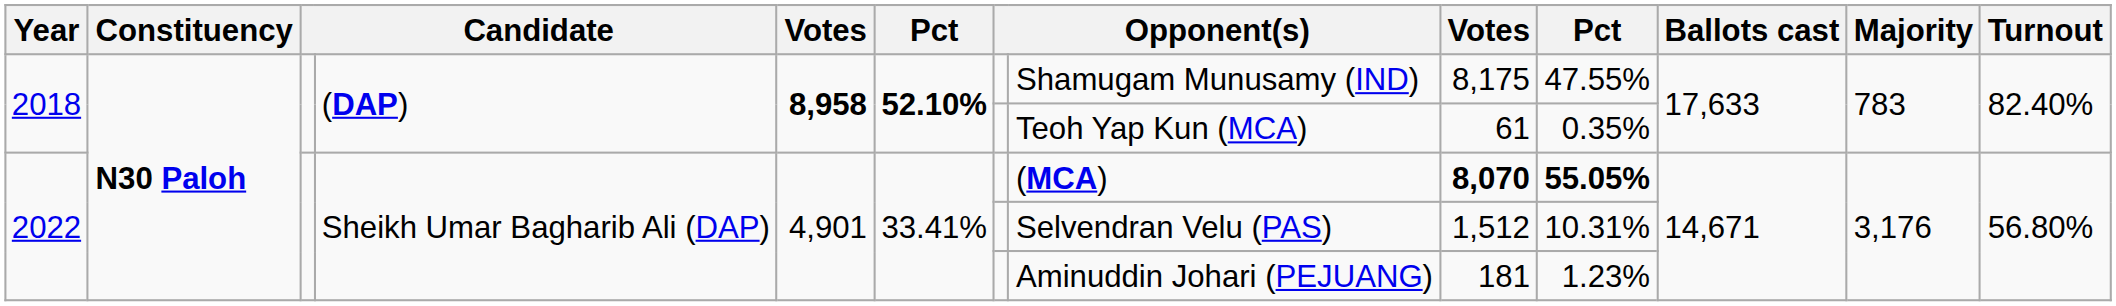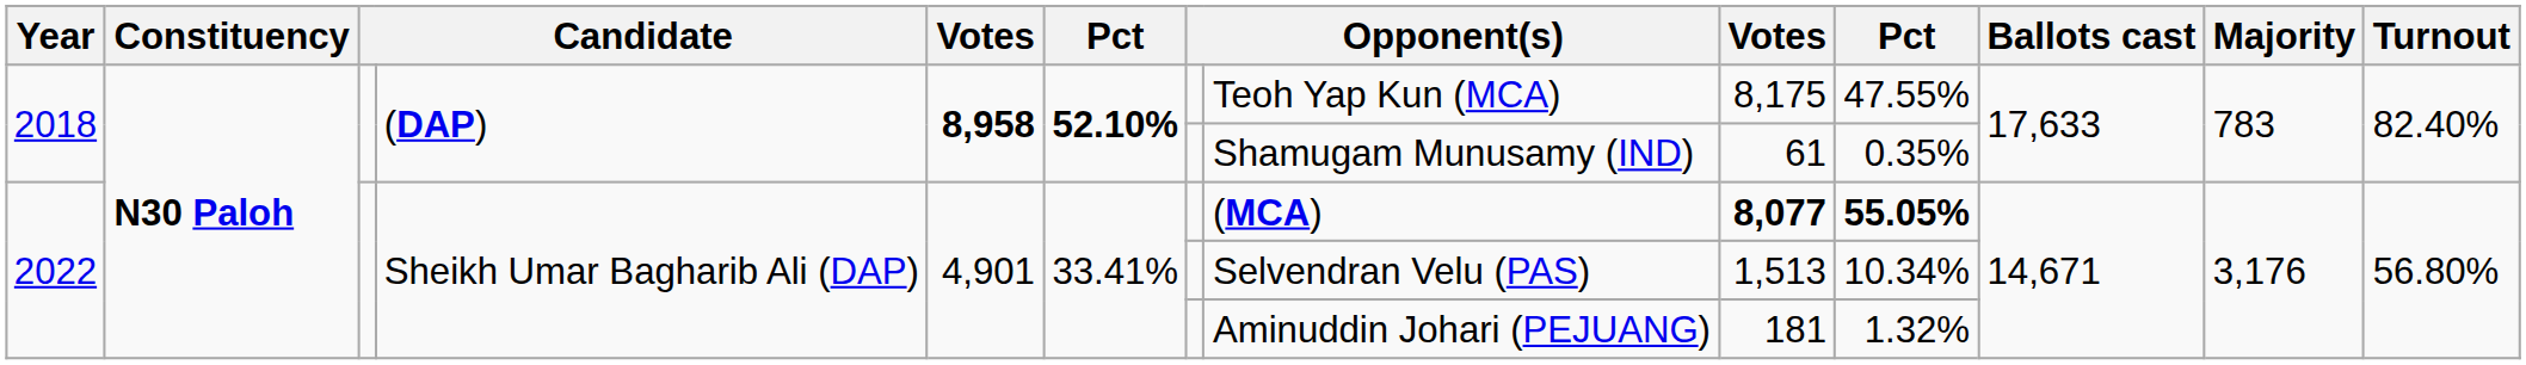 <table class="wikitable" style="margin:0.5em ; font-size:95%">
 <tr>
 <th>Year</th>
 <th>Constituency</th>
 <th colspan=2>Candidate</th>
 <th>Votes</th>
 <th>Pct</th>
 <th colspan=2>Opponent(s)</th>
 <th>Votes</th>
 <th>Pct</th>
 <th>Ballots cast</th>
 <th>Majority</th>
 <th>Turnout</th>
 </tr>
 <tr>
 <td rowspan=2><a href='#'>2018</a></td>
 <td rowspan="5"><strong>N30 <a href='#'>Paloh</a></strong></td>
 <td rowspan=2 ></td>
 <td rowspan="2"> (<a href='#'><strong>DAP</strong></a>)</td>
 <td rowspan=2 align="right"><strong>8,958</strong></td>
 <td rowspan=2><strong>52.10%</strong></td>
 <td></td>
-<td>Shamugam Munusamy (<a href='#'>IND</a>)</td>
+<td>Teoh Yap Kun (<a href='#'>MCA</a>)</td>
 <td align="right">8,175</td>
 <td>47.55%</td>
 <td rowspan=2>17,633</td>
 <td rowspan=2>783</td>
 <td rowspan=2>82.40%</td>
 </tr>
 <tr>
 <td></td>
-<td>Teoh Yap Kun (<a href='#'>MCA</a>)</td>
+<td>Shamugam Munusamy (<a href='#'>IND</a>)</td>
 <td align="right">61</td>
 <td align="right">0.35%</td>
 </tr>
 <tr>
 <td rowspan="3"><a href='#'>2022</a></td>
 <td rowspan="3" ></td>
 <td rowspan="3">Sheikh Umar Bagharib Ali (<a href='#'>DAP</a>)</td>
 <td rowspan="3" align=right>4,901</td>
 <td rowspan="3">33.41%</td>
 <td></td>
 <td> (<a href='#'><strong>MCA</strong></a>)</td>
-<td align=right><strong>8,070</strong></td>
+<td align=right><strong>8,077</strong></td>
 <td><strong>55.05%</strong></td>
 <td rowspan="3">14,671</td>
 <td rowspan="3">3,176</td>
 <td rowspan="3">56.80%</td>
 </tr>
 <tr>
 <td></td>
 <td>Selvendran Velu (<a href='#'>PAS</a>)</td>
-<td align=right>1,512</td>
-<td>10.31%</td>
+<td align=right>1,513</td>
+<td>10.34%</td>
 </tr>
 <tr>
 <td></td>
 <td>Aminuddin Johari (<a href='#'>PEJUANG</a>)</td>
 <td align=right>181</td>
-<td align=right>1.23%</td>
+<td align=right>1.32%</td>
 </tr>
 </table>
